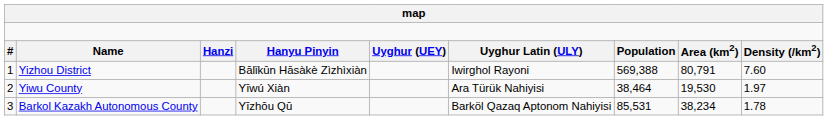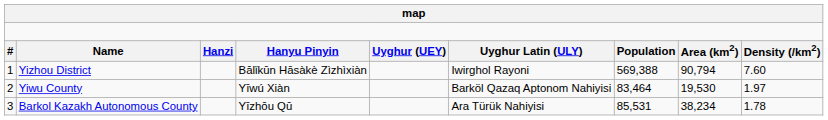 <table class="wikitable"  style="font-size:90%;" align=center>
 <tr>
 <th colspan="10">map</th>
 </tr>
 <tr>
 <td colspan="10" align="center"><div><br>      </div></td>
 </tr>
 <tr>
 <th>#</th>
 <th>Name</th>
 <th><a href='#'>Hanzi</a></th>
 <th><a href='#'>Hanyu Pinyin</a></th>
 <th><a href='#'>Uyghur</a> (<a href='#'>UEY</a>)</th>
 <th>Uyghur Latin (<a href='#'>ULY</a>)</th>
 <th>Population </th>
 <th>Area (km<sup>2</sup>)</th>
 <th>Density (/km<sup>2</sup>)</th>
 </tr>
 <tr --------->
 <td>1</td>
 <td><a href='#'>Yizhou District</a></td>
 <td></td>
 <td>Bālǐkūn Hāsàkè Zìzhìxiàn</td>
 <td></td>
 <td>Iwirghol Rayoni</td>
 <td>569,388</td>
-<td>80,791</td>
+<td>90,794</td>
 <td>7.60</td>
 </tr>
 <tr --------->
 <td>2</td>
 <td><a href='#'>Yiwu County</a></td>
 <td></td>
 <td>Yīwú Xiàn</td>
 <td></td>
-<td>Ara Türük Nahiyisi</td>
-<td>38,464</td>
+<td>Barköl Qazaq Aptonom Nahiyisi</td>
+<td>83,464</td>
 <td>19,530</td>
 <td>1.97</td>
 </tr>
 <tr --------->
 <td>3</td>
 <td><a href='#'>Barkol Kazakh Autonomous County</a></td>
 <td></td>
 <td>Yīzhōu Qū</td>
 <td></td>
-<td>Barköl Qazaq Aptonom Nahiyisi</td>
+<td>Ara Türük Nahiyisi</td>
 <td>85,531</td>
 <td>38,234</td>
 <td>1.78</td>
 </tr>
 </table>
